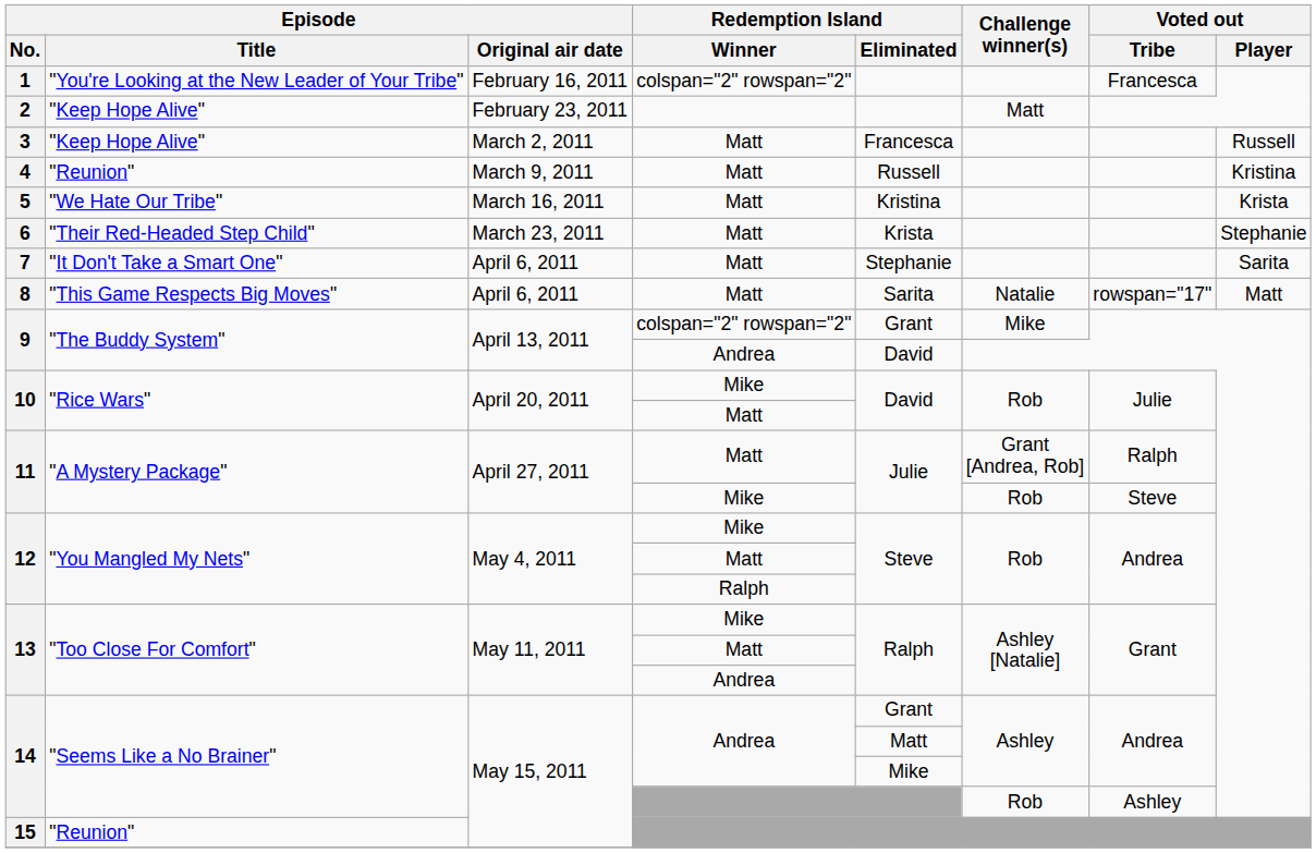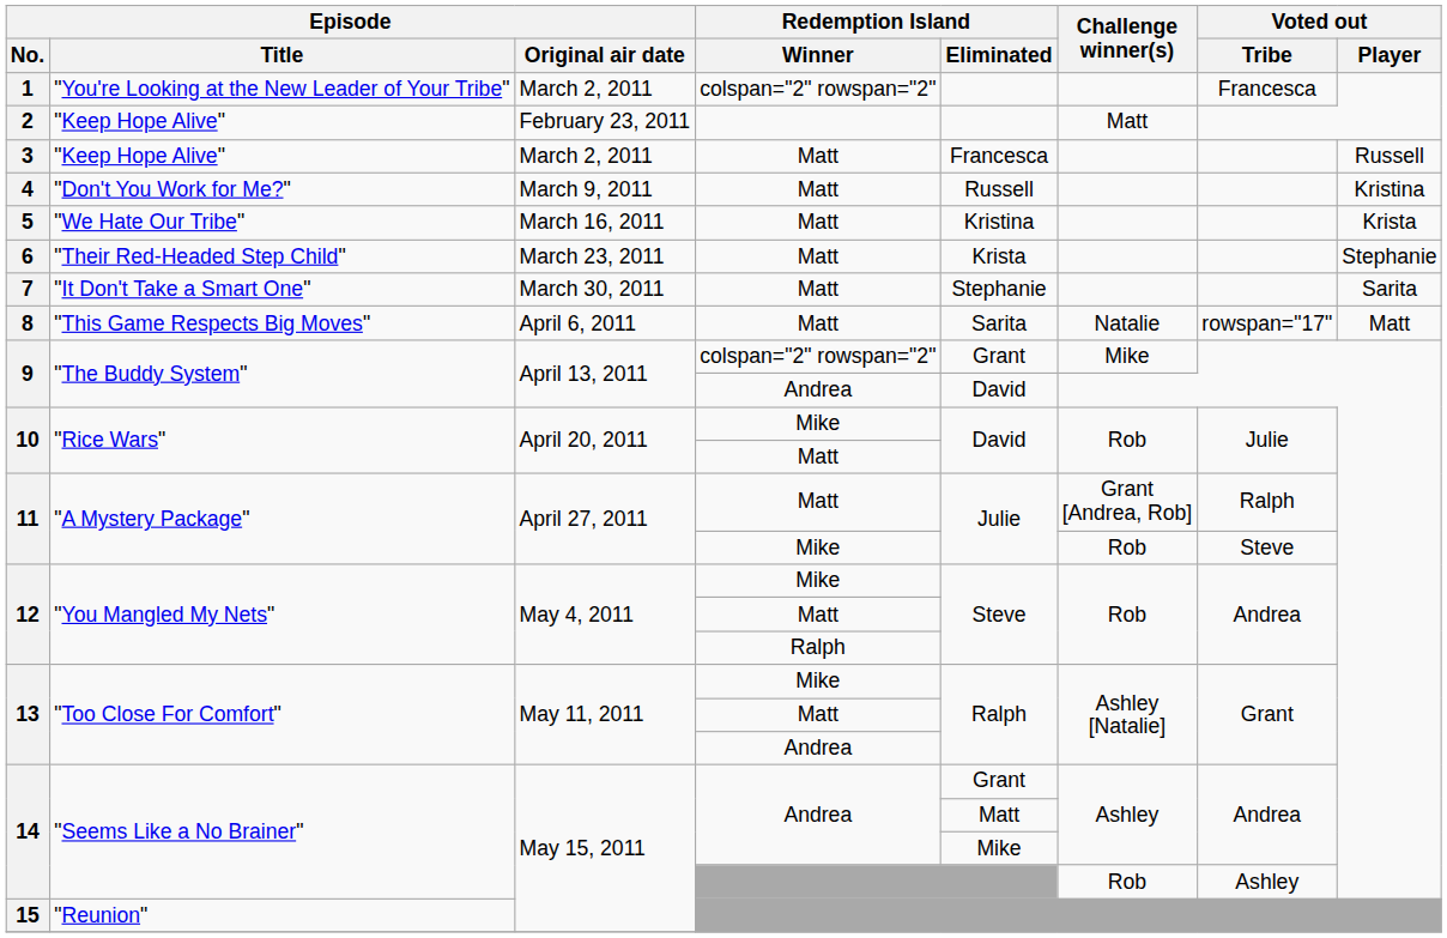 <table class="wikitable" style="margin:auto; text-align:center">
 <tr>
 <th colspan=3>Episode</th>
 <th colspan=2>Redemption Island</th>
 <th rowspan=2>Challenge<br>winner(s)</th>
 <th colspan="2">Voted out</th>
 </tr>
 <tr>
 <th>No.</th>
 <th>Title</th>
 <th>Original air date</th>
 <th>Winner</th>
 <th>Eliminated</th>
 <th>Tribe</th>
 <th>Player</th>
 </tr>
 <tr>
 <th>1</th>
 <td align="left">"<a href='#'>You're Looking at the New Leader of Your Tribe</a>"</td>
-<td align="left">February 16, 2011</td>
+<td align="left">March 2, 2011</td>
 <td>colspan="2" rowspan="2" </td>
 <td></td>
 <td></td>
 <td>Francesca</td>
 </tr>
 <tr>
 <th>2</th>
 <td align="left">"<a href='#'>Keep Hope Alive</a>"</td>
 <td align="left">February 23, 2011</td>
 <td></td>
 <td></td>
 <td>Matt</td>
 </tr>
 <tr>
 <th>3</th>
 <td align="left">"<a href='#'>Keep Hope Alive</a>"</td>
 <td align="left">March 2, 2011</td>
 <td>Matt</td>
 <td>Francesca</td>
 <td></td>
 <td></td>
 <td>Russell</td>
 </tr>
 <tr>
 <th>4</th>
-<td align="left">"<a href='#'>Reunion</a>"</td>
+<td align="left">"<a href='#'>Don't You Work for Me?</a>"</td>
 <td align="left">March 9, 2011</td>
 <td>Matt</td>
 <td>Russell</td>
 <td></td>
 <td></td>
 <td>Kristina</td>
 </tr>
 <tr>
 <th>5</th>
 <td align="left">"<a href='#'>We Hate Our Tribe</a>"</td>
 <td align="left">March 16, 2011</td>
 <td>Matt</td>
 <td>Kristina</td>
 <td></td>
 <td></td>
 <td>Krista</td>
 </tr>
 <tr>
 <th>6</th>
 <td align="left">"<a href='#'>Their Red-Headed Step Child</a>"</td>
 <td align="left">March 23, 2011</td>
 <td>Matt</td>
 <td>Krista</td>
 <td></td>
 <td></td>
 <td>Stephanie</td>
 </tr>
 <tr>
 <th>7</th>
 <td align="left">"<a href='#'>It Don't Take a Smart One</a>"</td>
-<td align="left">April 6, 2011</td>
+<td align="left">March 30, 2011</td>
 <td>Matt</td>
 <td>Stephanie</td>
 <td></td>
 <td></td>
 <td>Sarita</td>
 </tr>
 <tr>
 <th>8</th>
 <td align="left">"<a href='#'>This Game Respects Big Moves</a>"</td>
 <td align="left">April 6, 2011</td>
 <td>Matt</td>
 <td>Sarita</td>
 <td>Natalie</td>
 <td>rowspan="17" </td>
 <td>Matt</td>
 </tr>
 <tr>
 <th rowspan="2">9</th>
 <td align="left" rowspan="2">"<a href='#'>The Buddy System</a>"</td>
 <td align="left" rowspan="2">April 13, 2011</td>
 <td>colspan="2" rowspan="2" </td>
 <td>Grant</td>
 <td>Mike</td>
 </tr>
 <tr>
 <td>Andrea</td>
 <td>David</td>
 </tr>
 <tr>
 <th rowspan="2">10</th>
 <td rowspan="2" align="left">"<a href='#'>Rice Wars</a>"</td>
 <td rowspan="2" align="left">April 20, 2011</td>
 <td>Mike</td>
 <td rowspan="2">David</td>
 <td rowspan="2">Rob</td>
 <td rowspan="2">Julie</td>
 </tr>
 <tr>
 <td>Matt</td>
 </tr>
 <tr>
 <th rowspan="2">11</th>
 <td rowspan="2" align="left">"<a href='#'>A Mystery Package</a>"</td>
 <td rowspan="2" align="left">April 27, 2011</td>
 <td>Matt</td>
 <td rowspan="2">Julie</td>
 <td>Grant<br>[Andrea, Rob]</td>
 <td>Ralph</td>
 </tr>
 <tr>
 <td>Mike</td>
 <td>Rob</td>
 <td>Steve</td>
 </tr>
 <tr>
 <th rowspan="3">12</th>
 <td rowspan="3" align="left">"<a href='#'>You Mangled My Nets</a>"</td>
 <td rowspan="3" align="left">May 4, 2011</td>
 <td>Mike</td>
 <td rowspan="3">Steve</td>
 <td rowspan="3">Rob</td>
 <td rowspan="3">Andrea</td>
 </tr>
 <tr>
 <td>Matt</td>
 </tr>
 <tr>
 <td>Ralph</td>
 </tr>
 <tr>
 <th rowspan="3">13</th>
 <td rowspan="3" align="left">"<a href='#'>Too Close For Comfort</a>"</td>
 <td rowspan="3" align="left">May 11, 2011</td>
 <td>Mike</td>
 <td rowspan="3">Ralph</td>
 <td rowspan="3">Ashley<br>[Natalie]</td>
 <td rowspan="3">Grant</td>
 </tr>
 <tr>
 <td>Matt</td>
 </tr>
 <tr>
 <td>Andrea</td>
 </tr>
 <tr>
 <th rowspan="4">14</th>
 <td rowspan="4" align="left">"<a href='#'>Seems Like a No Brainer</a>"</td>
 <td rowspan="5" align="left">May 15, 2011</td>
 <td rowspan="3">Andrea</td>
 <td>Grant</td>
 <td rowspan="3">Ashley</td>
 <td rowspan="3">Andrea</td>
 </tr>
 <tr>
 <td>Matt</td>
 </tr>
 <tr>
 <td>Mike</td>
 </tr>
 <tr>
 <td colspan="2" bgcolor="darkgray"></td>
 <td>Rob</td>
 <td>Ashley</td>
 </tr>
 <tr>
 <th>15</th>
 <td align="left">"<a href='#'>Reunion</a>"</td>
 <td colspan="5" bgcolor="darkgray"></td>
 </tr>
 <tr>
 </tr>
 </table>
